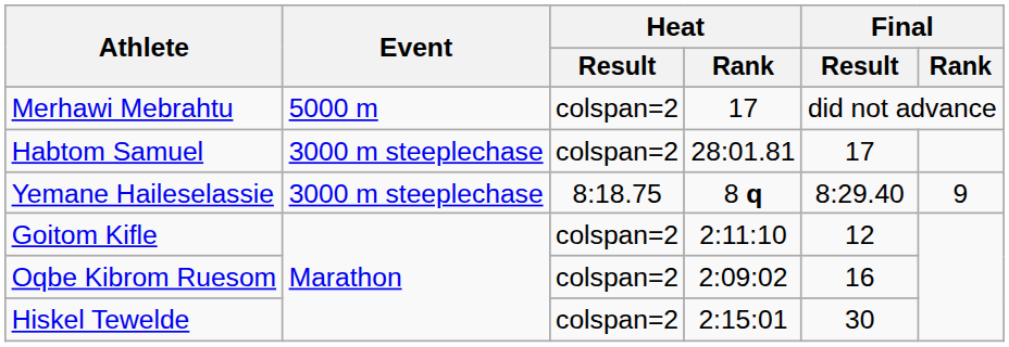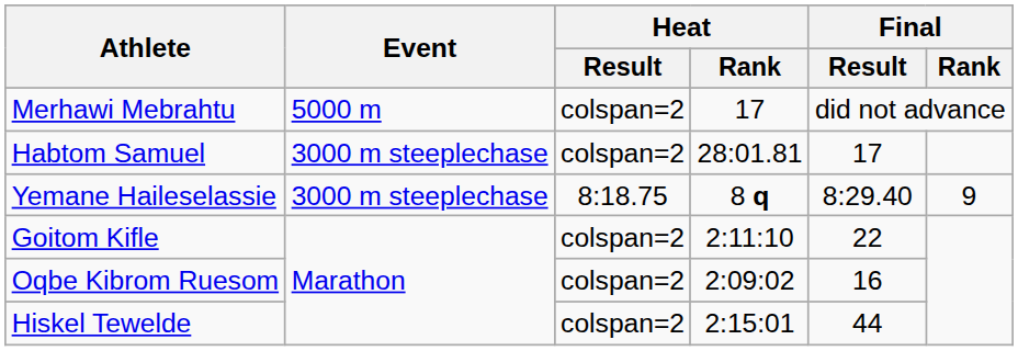 <table class=wikitable style=font-size:90%>
 <tr>
 <th rowspan=2>Athlete</th>
 <th rowspan=2>Event</th>
 <th colspan=2>Heat</th>
 <th colspan=2>Final</th>
 </tr>
 <tr style=font-size:95%>
 <th>Result</th>
 <th>Rank</th>
 <th>Result</th>
 <th>Rank</th>
 </tr>
 <tr align=center>
 <td align=left><a href='#'>Merhawi Mebrahtu</a></td>
 <td align=left><a href='#'>5000 m</a></td>
 <td>colspan=2</td>
 <td>17</td>
 <td colspan=2>did not advance</td>
 </tr>
 <tr align=center>
 <td align=left><a href='#'>Habtom Samuel</a></td>
 <td align=left><a href='#'>3000 m steeplechase</a></td>
 <td>colspan=2</td>
 <td>28:01.81</td>
 <td>17</td>
 </tr>
 <tr align=center>
 <td align=left><a href='#'>Yemane Haileselassie</a></td>
 <td align=left><a href='#'>3000 m steeplechase</a></td>
 <td>8:18.75 </td>
 <td>8 <strong>q</strong></td>
 <td>8:29.40</td>
 <td>9</td>
 </tr>
 <tr align=center>
 <td align=left><a href='#'>Goitom Kifle</a></td>
 <td align=left rowspan=3><a href='#'>Marathon</a></td>
 <td>colspan=2</td>
 <td>2:11:10 </td>
-<td>12</td>
+<td>22</td>
 </tr>
 <tr align=center>
 <td align=left><a href='#'>Oqbe Kibrom Ruesom</a></td>
 <td>colspan=2</td>
 <td>2:09:02</td>
 <td>16</td>
 </tr>
 <tr align=center>
 <td align=left><a href='#'>Hiskel Tewelde</a></td>
 <td>colspan=2</td>
 <td>2:15:01 </td>
-<td>30</td>
+<td>44</td>
 </tr>
 </table>
